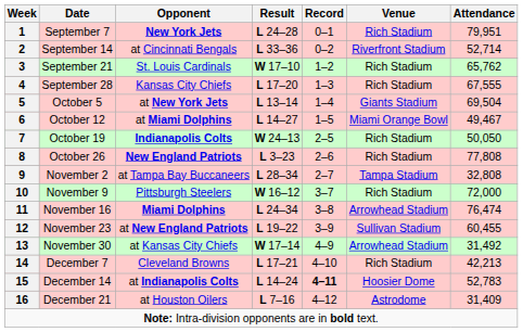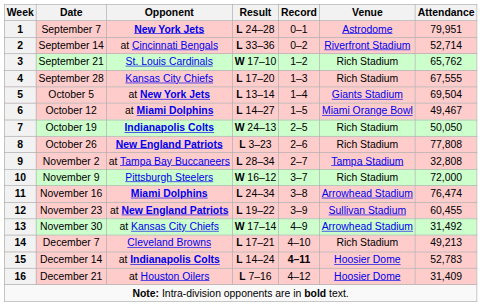 <table class="wikitable" style="text-align:center">
 <tr>
 <th>Week</th>
 <th>Date</th>
 <th>Opponent</th>
 <th>Result</th>
 <th>Record</th>
 <th>Venue</th>
 <th>Attendance</th>
 </tr>
 <tr style="background:#fcc">
 <th>1</th>
 <td>September 7</td>
 <td><strong><a href='#'>New York Jets</a></strong></td>
 <td><strong>L</strong> 24–28</td>
 <td>0–1</td>
-<td><a href='#'>Rich Stadium</a></td>
+<td><a href='#'>Astrodome</a></td>
 <td>79,951</td>
 </tr>
 <tr style="background:#fcc">
 <th>2</th>
 <td>September 14</td>
 <td>at <a href='#'>Cincinnati Bengals</a></td>
 <td><strong>L</strong> 33–36</td>
 <td>0–2</td>
 <td><a href='#'>Riverfront Stadium</a></td>
 <td>52,714</td>
 </tr>
 <tr style="background:#cfc">
 <th>3</th>
 <td>September 21</td>
 <td><a href='#'>St. Louis Cardinals</a></td>
 <td><strong>W</strong> 17–10</td>
 <td>1–2</td>
 <td>Rich Stadium</td>
 <td>65,762</td>
 </tr>
 <tr style="background:#fcc">
 <th>4</th>
 <td>September 28</td>
 <td><a href='#'>Kansas City Chiefs</a></td>
 <td><strong>L</strong> 17–20</td>
 <td>1–3</td>
 <td>Rich Stadium</td>
 <td>67,555</td>
 </tr>
 <tr style="background:#fcc">
 <th>5</th>
 <td>October 5</td>
 <td>at <strong><a href='#'>New York Jets</a></strong></td>
 <td><strong>L</strong> 13–14</td>
 <td>1–4</td>
 <td><a href='#'>Giants Stadium</a></td>
 <td>69,504</td>
 </tr>
 <tr style="background:#fcc">
 <th>6</th>
 <td>October 12</td>
 <td>at <strong><a href='#'>Miami Dolphins</a></strong></td>
 <td><strong>L</strong> 14–27</td>
 <td>1–5</td>
 <td><a href='#'>Miami Orange Bowl</a></td>
 <td>49,467</td>
 </tr>
 <tr style="background:#cfc">
 <th>7</th>
 <td>October 19</td>
 <td><strong><a href='#'>Indianapolis Colts</a></strong></td>
 <td><strong>W</strong> 24–13</td>
 <td>2–5</td>
 <td>Rich Stadium</td>
 <td>50,050</td>
 </tr>
 <tr style="background:#fcc">
 <th>8</th>
 <td>October 26</td>
 <td><strong><a href='#'>New England Patriots</a></strong></td>
 <td><strong>L</strong> 3–23</td>
 <td>2–6</td>
 <td>Rich Stadium</td>
 <td>77,808</td>
 </tr>
 <tr style="background:#fcc">
 <th>9</th>
 <td>November 2</td>
 <td>at <a href='#'>Tampa Bay Buccaneers</a></td>
 <td><strong>L</strong> 28–34</td>
 <td>2–7</td>
 <td><a href='#'>Tampa Stadium</a></td>
 <td>32,808</td>
 </tr>
 <tr style="background:#cfc">
 <th>10</th>
 <td>November 9</td>
 <td><a href='#'>Pittsburgh Steelers</a></td>
 <td><strong>W</strong> 16–12</td>
 <td>3–7</td>
 <td>Rich Stadium</td>
 <td>72,000</td>
 </tr>
 <tr style="background:#fcc">
 <th>11</th>
 <td>November 16</td>
 <td><strong><a href='#'>Miami Dolphins</a></strong></td>
 <td><strong>L</strong> 24–34</td>
 <td>3–8</td>
 <td><a href='#'>Arrowhead Stadium</a></td>
 <td>76,474</td>
 </tr>
 <tr style="background:#fcc">
 <th>12</th>
 <td>November 23</td>
 <td>at <strong><a href='#'>New England Patriots</a></strong></td>
 <td><strong>L</strong> 19–22</td>
 <td>3–9</td>
 <td><a href='#'>Sullivan Stadium</a></td>
 <td>60,455</td>
 </tr>
 <tr style="background:#cfc">
 <th>13</th>
 <td>November 30</td>
 <td>at <a href='#'>Kansas City Chiefs</a></td>
 <td><strong>W</strong> 17–14</td>
 <td>4–9</td>
 <td><a href='#'>Arrowhead Stadium</a></td>
 <td>31,492</td>
 </tr>
 <tr style="background:#fcc">
 <th>14</th>
 <td>December 7</td>
 <td><a href='#'>Cleveland Browns</a></td>
 <td><strong>L</strong> 17–21</td>
 <td>4–10</td>
 <td>Rich Stadium</td>
-<td>42,213</td>
+<td>49,213</td>
 </tr>
 <tr style="background:#fcc">
 <th>15</th>
 <td>December 14</td>
 <td>at <strong><a href='#'>Indianapolis Colts</a></strong></td>
 <td><strong>L</strong> 14–24</td>
 <td><strong>4–11</strong></td>
 <td><a href='#'>Hoosier Dome</a></td>
 <td>52,783</td>
 </tr>
 <tr style="background:#fcc">
 <th>16</th>
 <td>December 21</td>
 <td>at <a href='#'>Houston Oilers</a></td>
 <td><strong>L</strong> 7–16</td>
 <td>4–12</td>
-<td><a href='#'>Astrodome</a></td>
+<td><a href='#'>Hoosier Dome</a></td>
 <td>31,409</td>
 </tr>
 <tr>
 <td colspan="8"><strong>Note:</strong> Intra-division opponents are in <strong>bold</strong> text.</td>
 </tr>
 </table>
